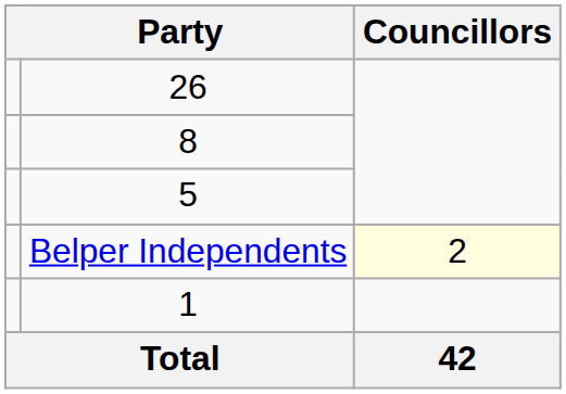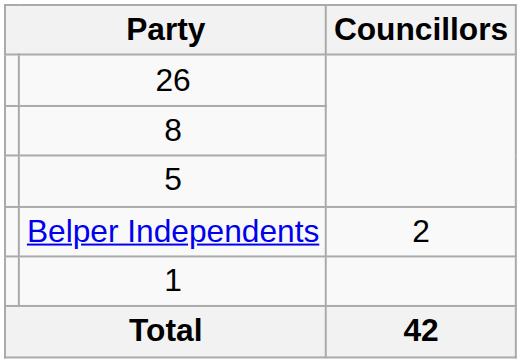 <table class="wikitable">
 <tr>
 <th colspan=2>Party</th>
 <th>Councillors</th>
 </tr>
 <tr>
 <td></td>
 <td align=center>26</td>
 </tr>
 <tr>
 <td></td>
 <td align=center>8</td>
 </tr>
 <tr>
 <td></td>
 <td align=center>5</td>
 </tr>
 <tr>
 <td></td>
 <td><a href='#'>Belper Independents</a></td>
-<td align=center style="background: lightyellow;">2</td>
+<td align=center>2</td>
 </tr>
 <tr>
 <td></td>
 <td align=center>1</td>
 </tr>
 <tr>
 <th colspan=2>Total</th>
 <th align=center>42</th>
 </tr>
 </table>
